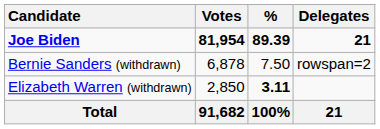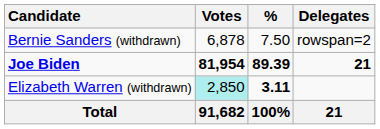 <table class="wikitable sortable" style="text-align:right;">
 <tr>
 <th style="text-align:left;">Candidate</th>
 <th>Votes</th>
 <th>%</th>
 <th>Delegates</th>
 </tr>
 <tr>
+<td style="text-align:left;" data-sort-value="Sanders, Bernie"><a href='#'>Bernie Sanders</a> <small>(withdrawn)</small></td>
+<td>6,878</td>
+<td>7.50</td>
+<td>rowspan=2 </td>
+</tr>
+<tr>
 <td style="text-align:left;" data-sort-value="Biden, Joe"><strong><a href='#'>Joe Biden</a></strong></td>
 <td><strong>81,954</strong></td>
 <td><strong>89.39</strong></td>
 <td><strong>21</strong></td>
 </tr>
 <tr>
-<td style="text-align:left;" data-sort-value="Sanders, Bernie"><a href='#'>Bernie Sanders</a> <small>(withdrawn)</small></td>
-<td>6,878</td>
-<td>7.50</td>
-<td>rowspan=2 </td>
-</tr>
-<tr>
 <td style="text-align:left;" data-sort-value="Warren, Elizabeth"><a href='#'>Elizabeth Warren</a> <small>(withdrawn)</small></td>
-<td>2,850</td>
+<td style="background: paleturquoise;">2,850</td>
 <td><strong>3.11</strong></td>
 </tr>
 <tr>
 <th>Total</th>
 <th>91,682</th>
 <th>100%</th>
 <th>21</th>
 </tr>
 </table>
